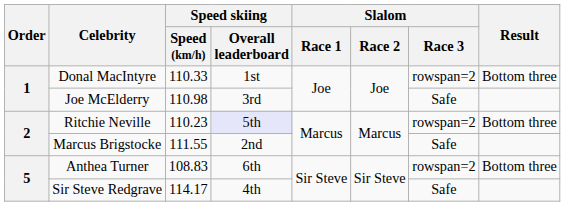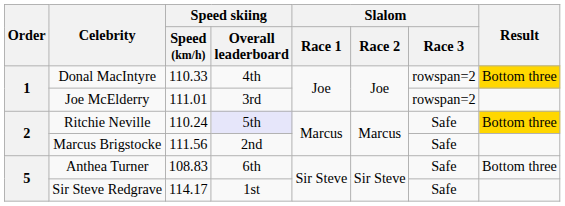 <table class="wikitable plainrowheaders" style="text-align:center;">
 <tr>
 <th rowspan=2>Order</th>
 <th rowspan=2>Celebrity</th>
 <th colspan=2>Speed skiing</th>
 <th colspan=3>Slalom</th>
 <th rowspan=2>Result</th>
 </tr>
 <tr>
 <th>Speed<br><small>(km/h)</small></th>
 <th>Overall<br>leaderboard</th>
 <th>Race 1</th>
 <th>Race 2</th>
 <th>Race 3</th>
 </tr>
 <tr>
 <th rowspan=2>1</th>
 <td>Donal MacIntyre</td>
 <td>110.33</td>
-<td>1st</td>
+<td>4th</td>
 <td rowspan=2>Joe</td>
 <td rowspan=2>Joe</td>
 <td>rowspan=2 </td>
-<td>Bottom three</td>
+<td style="background: gold;">Bottom three</td>
 </tr>
 <tr>
 <td>Joe  McElderry</td>
-<td>110.98</td>
+<td>111.01</td>
 <td>3rd</td>
-<td>Safe</td>
+<td>rowspan=2 </td>
 </tr>
 <tr>
 <th rowspan=2>2</th>
 <td>Ritchie Neville</td>
-<td>110.23</td>
+<td>110.24</td>
 <td style="background: lavender;">5th</td>
 <td rowspan=2>Marcus</td>
 <td rowspan=2>Marcus</td>
-<td>rowspan=2 </td>
-<td>Bottom three</td>
+<td>Safe</td>
+<td style="background: gold;">Bottom three</td>
 </tr>
 <tr>
 <td>Marcus Brigstocke</td>
-<td>111.55</td>
+<td>111.56</td>
 <td>2nd</td>
 <td>Safe</td>
 </tr>
 <tr>
 <th rowspan=2>5</th>
 <td>Anthea Turner</td>
 <td>108.83</td>
 <td>6th</td>
 <td rowspan=2>Sir Steve</td>
 <td rowspan=2>Sir Steve</td>
-<td>rowspan=2 </td>
+<td>Safe</td>
 <td>Bottom three</td>
 </tr>
 <tr>
 <td>Sir Steve Redgrave</td>
 <td>114.17</td>
-<td>4th</td>
+<td>1st</td>
 <td>Safe</td>
 </tr>
 </table>
